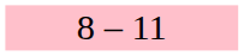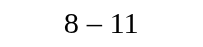 <table style="text-align:center">
 <tr>
 <th width=200></th>
 <th width=100></th>
 <th width=200></th>
 </tr>
 <tr>
 <td align=right></td>
-<td style="background: pink;">8 – 11</td>
+<td>8 – 11</td>
 <td align=left><strong></strong></td>
 </tr>
 </table>
